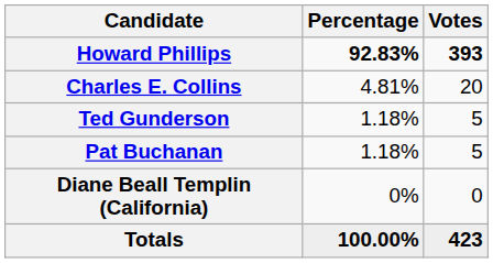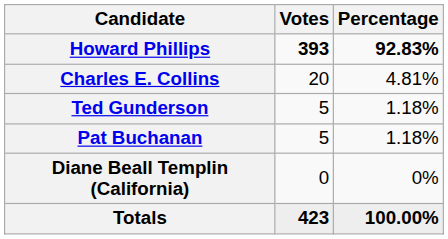 <table class="wikitable plainrowheaders" style="text-align:right;" border="1">
 <tr>
 <th scope="col" style="width:14em;">Candidate</th>
+<th scope="col">Votes</th>
 <th scope="col">Percentage</th>
-<th scope="col">Votes</th>
 </tr>
 <tr>
 <th scope="row"><a href='#'>Howard Phillips</a></th>
+<td><strong>393</strong></td>
 <td><strong>92.83%</strong></td>
-<td><strong>393</strong></td>
 </tr>
 <tr>
 <th scope="row"><a href='#'>Charles E. Collins</a></th>
+<td>20</td>
 <td>4.81%</td>
-<td>20</td>
 </tr>
 <tr>
 <th scope="row"><a href='#'>Ted Gunderson</a></th>
+<td>5</td>
 <td>1.18%</td>
-<td>5</td>
 </tr>
 <tr>
 <th scope="row"><a href='#'>Pat Buchanan</a></th>
+<td>5</td>
 <td>1.18%</td>
-<td>5</td>
 </tr>
 <tr>
 <th scope="row">Diane Beall Templin (California)</th>
+<td>0</td>
 <td>0%</td>
-<td>0</td>
 </tr>
 <tr style="background:#eee;">
 <th scope="row"><strong>Totals</strong></th>
+<td><strong>423</strong></td>
 <td><strong>100.00%</strong></td>
-<td><strong>423</strong></td>
 </tr>
 </table>
